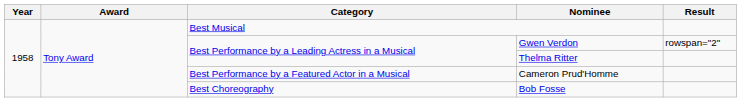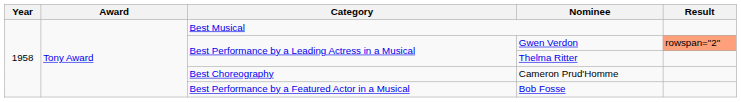 <table class="wikitable" width="95%">
 <tr>
 <th width="5%">Year</th>
 <th width="20%">Award</th>
 <th width="45%">Category</th>
 <th width="20%">Nominee</th>
 <th width="10%">Result</th>
 </tr>
 <tr>
 <td rowspan="5" align="center">1958</td>
 <td rowspan="5"><a href='#'>Tony Award</a></td>
 <td colspan="2"><a href='#'>Best Musical</a></td>
 <td></td>
 </tr>
 <tr>
 <td rowspan="2"><a href='#'>Best Performance by a Leading Actress in a Musical</a></td>
 <td><a href='#'>Gwen Verdon</a></td>
-<td>rowspan="2" </td>
+<td style="background: lightsalmon;">rowspan="2" </td>
 </tr>
 <tr>
 <td><a href='#'>Thelma Ritter</a></td>
 </tr>
 <tr>
-<td><a href='#'>Best Performance by a Featured Actor in a Musical</a></td>
+<td><a href='#'>Best Choreography</a></td>
 <td>Cameron Prud'Homme</td>
 <td></td>
 </tr>
 <tr>
-<td><a href='#'>Best Choreography</a></td>
+<td><a href='#'>Best Performance by a Featured Actor in a Musical</a></td>
 <td><a href='#'>Bob Fosse</a></td>
 <td></td>
 </tr>
 </table>
